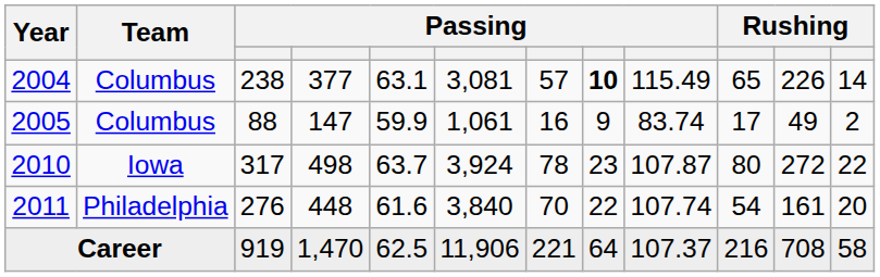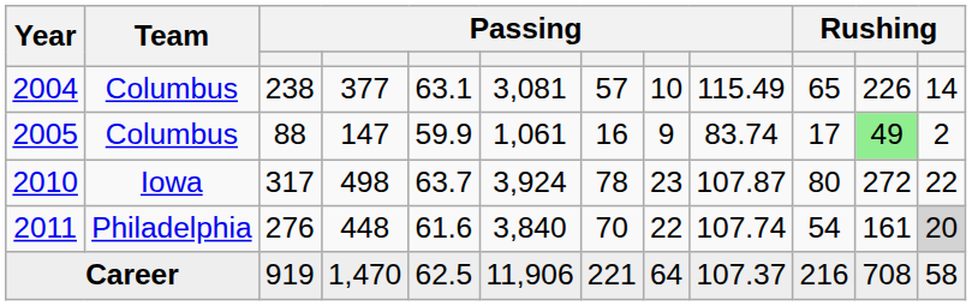 <table class="wikitable sortable" style="text-align:center">
 <tr>
 <th rowspan=2>Year</th>
 <th rowspan=2>Team</th>
 <th colspan=7>Passing</th>
 <th colspan=3>Rushing</th>
 </tr>
 <tr>
 <th></th>
 <th></th>
 <th></th>
 <th></th>
 <th></th>
 <th></th>
 <th></th>
 <th></th>
 <th></th>
 <th></th>
 </tr>
 <tr>
 <td><a href='#'>2004</a></td>
 <td><a href='#'>Columbus</a></td>
 <td>238</td>
 <td>377</td>
 <td>63.1</td>
 <td>3,081</td>
 <td>57</td>
-<td><strong>10</strong></td>
+<td>10</td>
 <td>115.49</td>
 <td>65</td>
 <td>226</td>
 <td>14</td>
 </tr>
 <tr>
 <td><a href='#'>2005</a></td>
 <td><a href='#'>Columbus</a></td>
 <td>88</td>
 <td>147</td>
 <td>59.9</td>
 <td>1,061</td>
 <td>16</td>
 <td>9</td>
 <td>83.74</td>
 <td>17</td>
-<td>49</td>
+<td style="background: lightgreen;">49</td>
 <td>2</td>
 </tr>
 <tr>
 <td><a href='#'>2010</a></td>
 <td><a href='#'>Iowa</a></td>
 <td>317</td>
 <td>498</td>
 <td>63.7</td>
 <td>3,924</td>
 <td>78</td>
 <td>23</td>
 <td>107.87</td>
 <td>80</td>
 <td>272</td>
 <td>22</td>
 </tr>
 <tr>
 <td><a href='#'>2011</a></td>
 <td><a href='#'>Philadelphia</a></td>
 <td>276</td>
 <td>448</td>
 <td>61.6</td>
 <td>3,840</td>
 <td>70</td>
 <td>22</td>
 <td>107.74</td>
 <td>54</td>
 <td>161</td>
-<td>20</td>
+<td style="background: lightgrey;">20</td>
 </tr>
 <tr class="sortbottom" style="background:#eee;">
 <td colspan=2><strong>Career</strong></td>
 <td>919</td>
 <td>1,470</td>
 <td>62.5</td>
 <td>11,906</td>
 <td>221</td>
 <td>64</td>
 <td>107.37</td>
 <td>216</td>
 <td>708</td>
 <td>58</td>
 </tr>
 </table>
